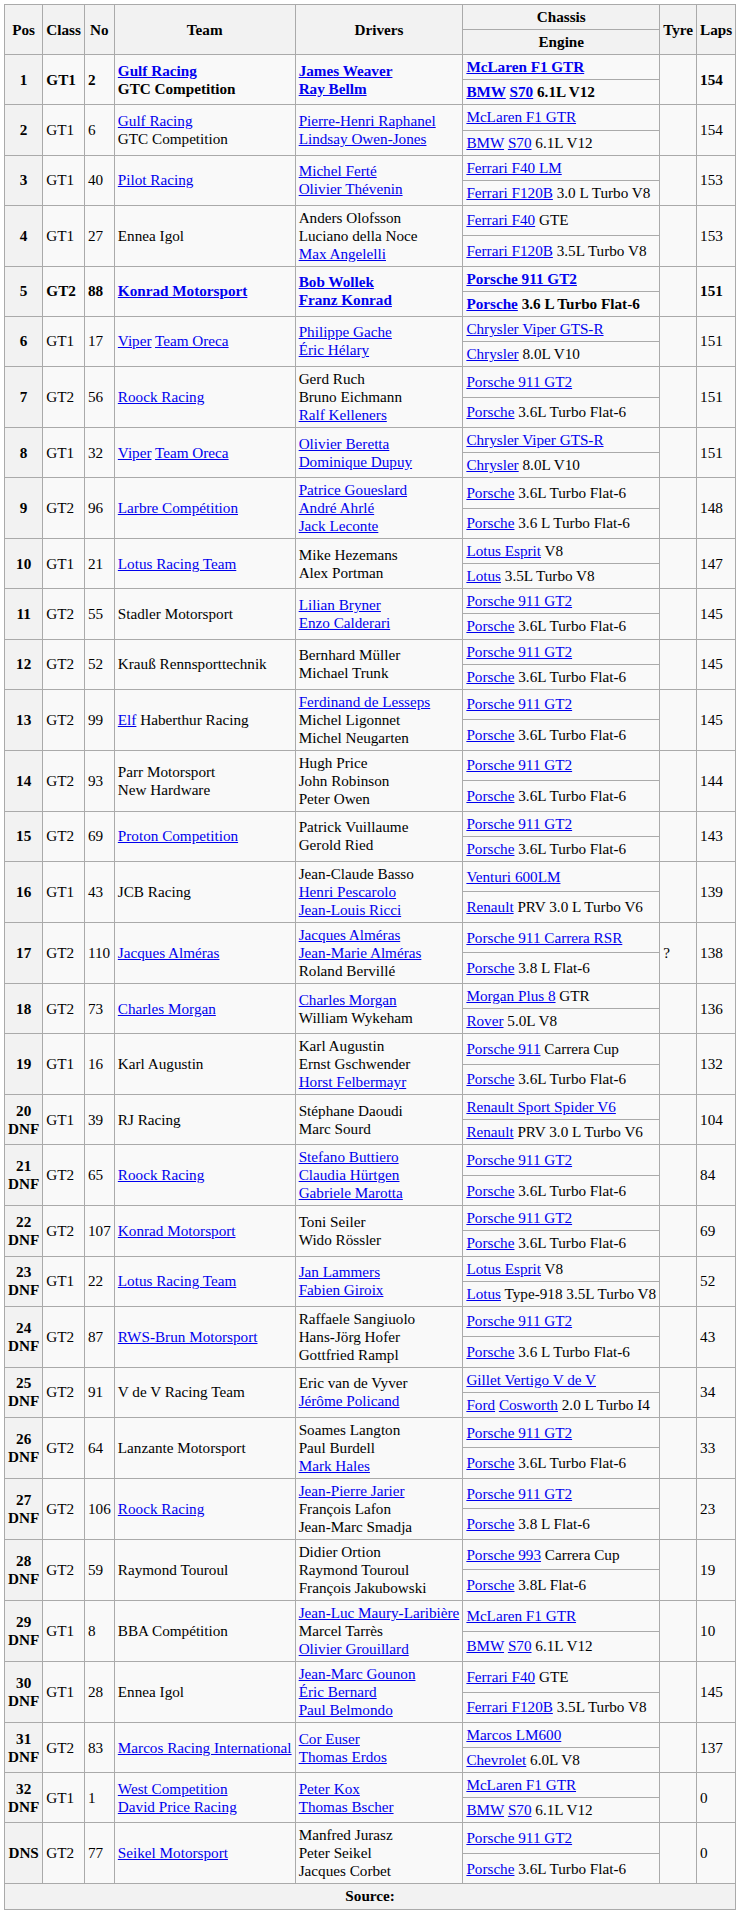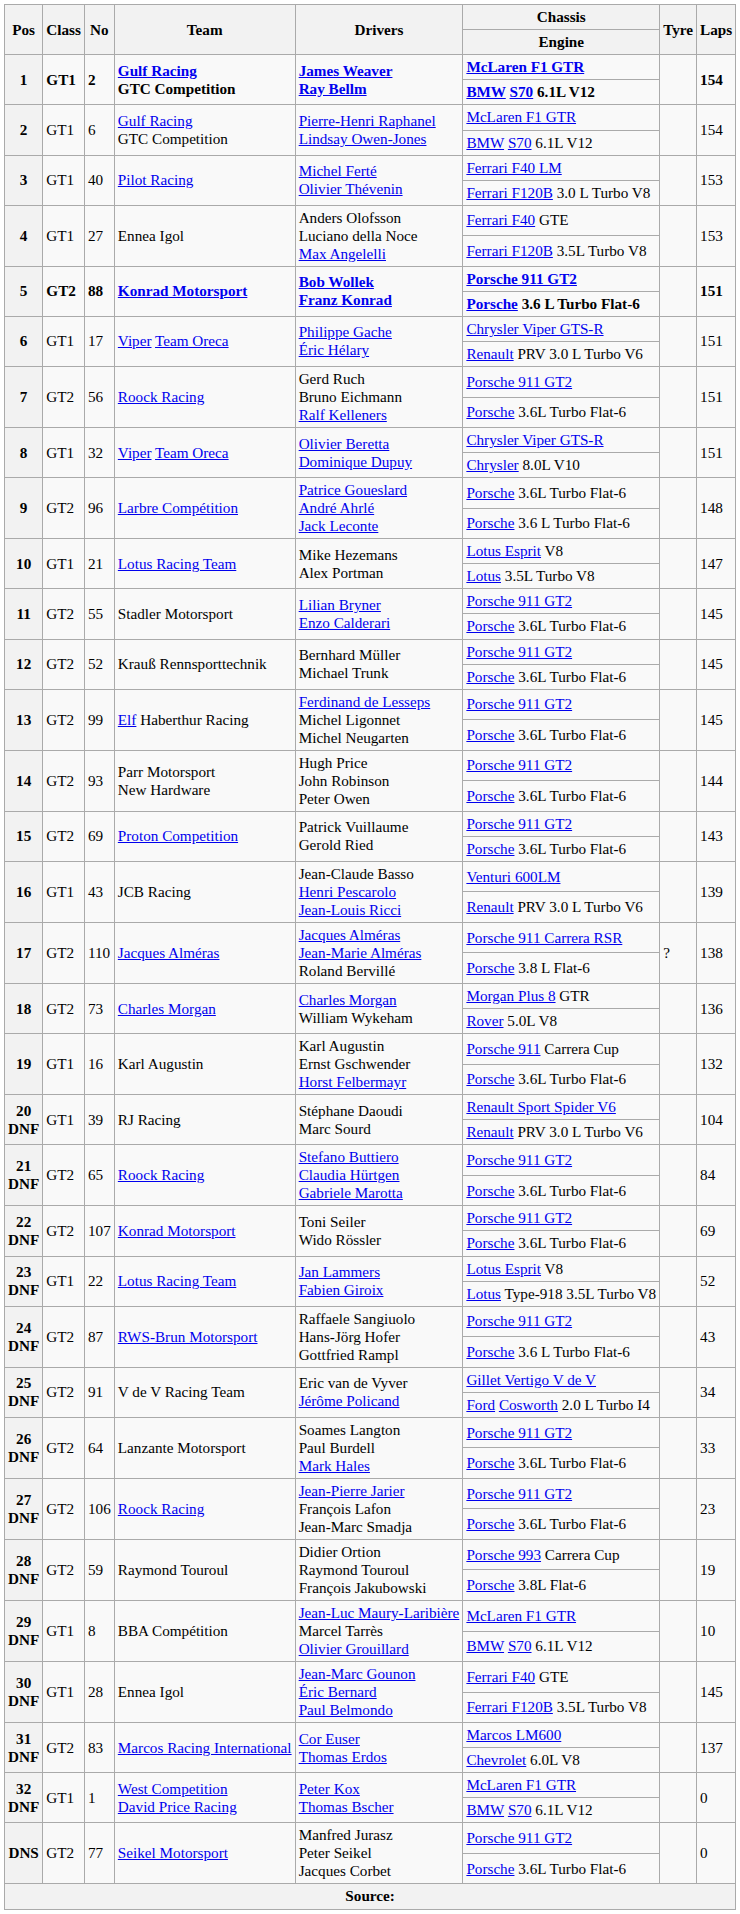 <table class="wikitable" style="font-size: 95%;">
 <tr>
 <th rowspan=2>Pos</th>
 <th rowspan=2>Class</th>
 <th rowspan=2>No</th>
 <th rowspan=2>Team</th>
 <th rowspan=2>Drivers</th>
 <th>Chassis</th>
 <th rowspan=2>Tyre</th>
 <th rowspan=2>Laps</th>
 </tr>
 <tr>
 <th>Engine</th>
 </tr>
 <tr>
 <th rowspan=2>1</th>
 <td rowspan=2><strong>GT1</strong></td>
 <td rowspan=2><strong>2</strong></td>
 <td rowspan=2><strong> <a href='#'>Gulf Racing</a><br> GTC Competition</strong></td>
 <td rowspan=2><strong> <a href='#'>James Weaver</a><br> <a href='#'>Ray Bellm</a></strong></td>
 <td><strong><a href='#'>McLaren F1 GTR</a></strong></td>
 <td rowspan=2></td>
 <td rowspan=2><strong>154</strong></td>
 </tr>
 <tr>
 <td><strong><a href='#'>BMW</a> <a href='#'>S70</a> 6.1L V12</strong></td>
 </tr>
 <tr>
 <th rowspan=2>2</th>
 <td rowspan=2>GT1</td>
 <td rowspan=2>6</td>
 <td rowspan=2> <a href='#'>Gulf Racing</a><br> GTC Competition</td>
 <td rowspan=2> <a href='#'>Pierre-Henri Raphanel</a><br> <a href='#'>Lindsay Owen-Jones</a></td>
 <td><a href='#'>McLaren F1 GTR</a></td>
 <td rowspan=2></td>
 <td rowspan=2>154</td>
 </tr>
 <tr>
 <td><a href='#'>BMW</a> <a href='#'>S70</a> 6.1L V12</td>
 </tr>
 <tr>
 <th rowspan=2>3</th>
 <td rowspan=2>GT1</td>
 <td rowspan=2>40</td>
 <td rowspan=2> <a href='#'>Pilot Racing</a></td>
 <td rowspan=2> <a href='#'>Michel Ferté</a><br> <a href='#'>Olivier Thévenin</a></td>
 <td><a href='#'>Ferrari F40 LM</a></td>
 <td rowspan=2></td>
 <td rowspan=2>153</td>
 </tr>
 <tr>
 <td><a href='#'>Ferrari F120B</a> 3.0 L Turbo V8</td>
 </tr>
 <tr>
 <th rowspan=2>4</th>
 <td rowspan=2>GT1</td>
 <td rowspan=2>27</td>
 <td rowspan=2> Ennea Igol</td>
 <td rowspan=2> Anders Olofsson<br> Luciano della Noce<br> <a href='#'>Max Angelelli</a></td>
 <td><a href='#'>Ferrari F40</a> GTE</td>
 <td rowspan=2></td>
 <td rowspan=2>153</td>
 </tr>
 <tr>
 <td><a href='#'>Ferrari F120B</a> 3.5L Turbo V8</td>
 </tr>
 <tr>
 <th rowspan=2>5</th>
 <td rowspan=2><strong>GT2</strong></td>
 <td rowspan=2><strong>88</strong></td>
 <td rowspan=2><strong> <a href='#'>Konrad Motorsport</a></strong></td>
 <td rowspan=2><strong> <a href='#'>Bob Wollek</a><br> <a href='#'>Franz Konrad</a></strong></td>
 <td><strong><a href='#'>Porsche 911 GT2</a></strong></td>
 <td rowspan=2></td>
 <td rowspan=2><strong>151</strong></td>
 </tr>
 <tr>
 <td><strong><a href='#'>Porsche</a> 3.6 L Turbo Flat-6</strong></td>
 </tr>
 <tr>
 <th rowspan=2>6</th>
 <td rowspan=2>GT1</td>
 <td rowspan=2>17</td>
 <td rowspan=2> <a href='#'>Viper</a> <a href='#'>Team Oreca</a></td>
 <td rowspan=2> <a href='#'>Philippe Gache</a><br> <a href='#'>Éric Hélary</a></td>
 <td><a href='#'>Chrysler Viper GTS-R</a></td>
 <td rowspan=2></td>
 <td rowspan=2>151</td>
 </tr>
 <tr>
-<td><a href='#'>Chrysler</a> 8.0L V10</td>
+<td><a href='#'>Renault</a> PRV 3.0 L Turbo V6</td>
 </tr>
 <tr>
 <th rowspan=2>7</th>
 <td rowspan=2>GT2</td>
 <td rowspan=2>56</td>
 <td rowspan=2> <a href='#'>Roock Racing</a></td>
 <td rowspan=2> Gerd Ruch<br> Bruno Eichmann<br> <a href='#'>Ralf Kelleners</a></td>
 <td><a href='#'>Porsche 911 GT2</a></td>
 <td rowspan=2></td>
 <td rowspan=2>151</td>
 </tr>
 <tr>
 <td><a href='#'>Porsche</a> 3.6L Turbo Flat-6</td>
 </tr>
 <tr>
 <th rowspan=2>8</th>
 <td rowspan=2>GT1</td>
 <td rowspan=2>32</td>
 <td rowspan=2> <a href='#'>Viper</a> <a href='#'>Team Oreca</a></td>
 <td rowspan=2> <a href='#'>Olivier Beretta</a><br> <a href='#'>Dominique Dupuy</a></td>
 <td><a href='#'>Chrysler Viper GTS-R</a></td>
 <td rowspan=2></td>
 <td rowspan=2>151</td>
 </tr>
 <tr>
 <td><a href='#'>Chrysler</a> 8.0L V10</td>
 </tr>
 <tr>
 <th rowspan=2>9</th>
 <td rowspan=2>GT2</td>
 <td rowspan=2>96</td>
 <td rowspan=2> <a href='#'>Larbre Compétition</a></td>
 <td rowspan=2> <a href='#'>Patrice Goueslard</a><br> <a href='#'>André Ahrlé</a><br> <a href='#'>Jack Leconte</a></td>
 <td><a href='#'>Porsche</a> 3.6L Turbo Flat-6</td>
 <td rowspan=2></td>
 <td rowspan=2>148</td>
 </tr>
 <tr>
 <td><a href='#'>Porsche</a> 3.6 L Turbo Flat-6</td>
 </tr>
 <tr>
 <th rowspan=2>10</th>
 <td rowspan=2>GT1</td>
 <td rowspan=2>21</td>
 <td rowspan=2> <a href='#'>Lotus Racing Team</a></td>
 <td rowspan=2> Mike Hezemans<br> Alex Portman</td>
 <td><a href='#'>Lotus Esprit</a> V8</td>
 <td rowspan=2></td>
 <td rowspan=2>147</td>
 </tr>
 <tr>
 <td><a href='#'>Lotus</a> 3.5L Turbo V8</td>
 </tr>
 <tr>
 <th rowspan=2>11</th>
 <td rowspan=2>GT2</td>
 <td rowspan=2>55</td>
 <td rowspan=2> Stadler Motorsport</td>
 <td rowspan=2> <a href='#'>Lilian Bryner</a><br> <a href='#'>Enzo Calderari</a></td>
 <td><a href='#'>Porsche 911 GT2</a></td>
 <td rowspan=2></td>
 <td rowspan=2>145</td>
 </tr>
 <tr>
 <td><a href='#'>Porsche</a> 3.6L Turbo Flat-6</td>
 </tr>
 <tr>
 <th rowspan=2>12</th>
 <td rowspan=2>GT2</td>
 <td rowspan=2>52</td>
 <td rowspan=2> Krauß Rennsporttechnik</td>
 <td rowspan=2> Bernhard Müller<br> Michael Trunk</td>
 <td><a href='#'>Porsche 911 GT2</a></td>
 <td rowspan=2></td>
 <td rowspan=2>145</td>
 </tr>
 <tr>
 <td><a href='#'>Porsche</a> 3.6L Turbo Flat-6</td>
 </tr>
 <tr>
 <th rowspan=2>13</th>
 <td rowspan=2>GT2</td>
 <td rowspan=2>99</td>
 <td rowspan=2> <a href='#'>Elf</a> Haberthur Racing</td>
 <td rowspan=2> <a href='#'>Ferdinand de Lesseps</a><br> Michel Ligonnet<br> Michel Neugarten</td>
 <td><a href='#'>Porsche 911 GT2</a></td>
 <td rowspan=2></td>
 <td rowspan=2>145</td>
 </tr>
 <tr>
 <td><a href='#'>Porsche</a> 3.6L Turbo Flat-6</td>
 </tr>
 <tr>
 <th rowspan=2>14</th>
 <td rowspan=2>GT2</td>
 <td rowspan=2>93</td>
 <td rowspan=2> Parr Motorsport<br> New Hardware</td>
 <td rowspan=2> Hugh Price<br> John Robinson<br> Peter Owen</td>
 <td><a href='#'>Porsche 911 GT2</a></td>
 <td rowspan=2></td>
 <td rowspan=2>144</td>
 </tr>
 <tr>
 <td><a href='#'>Porsche</a> 3.6L Turbo Flat-6</td>
 </tr>
 <tr>
 <th rowspan=2>15</th>
 <td rowspan=2>GT2</td>
 <td rowspan=2>69</td>
 <td rowspan=2> <a href='#'>Proton Competition</a></td>
 <td rowspan=2> Patrick Vuillaume<br> Gerold Ried</td>
 <td><a href='#'>Porsche 911 GT2</a></td>
 <td rowspan=2></td>
 <td rowspan=2>143</td>
 </tr>
 <tr>
 <td><a href='#'>Porsche</a> 3.6L Turbo Flat-6</td>
 </tr>
 <tr>
 <th rowspan=2>16</th>
 <td rowspan=2>GT1</td>
 <td rowspan=2>43</td>
 <td rowspan=2> JCB Racing</td>
 <td rowspan=2> Jean-Claude Basso<br> <a href='#'>Henri Pescarolo</a><br> <a href='#'>Jean-Louis Ricci</a></td>
 <td><a href='#'>Venturi 600LM</a></td>
 <td rowspan=2></td>
 <td rowspan=2>139</td>
 </tr>
 <tr>
 <td><a href='#'>Renault</a> PRV 3.0 L Turbo V6</td>
 </tr>
 <tr>
 <th rowspan=2>17</th>
 <td rowspan=2>GT2</td>
 <td rowspan=2>110</td>
 <td rowspan=2> <a href='#'>Jacques Alméras</a></td>
 <td rowspan=2> <a href='#'>Jacques Alméras</a><br> <a href='#'>Jean-Marie Alméras</a><br> Roland Bervillé</td>
 <td><a href='#'>Porsche 911 Carrera RSR</a></td>
 <td rowspan=2>?</td>
 <td rowspan=2>138</td>
 </tr>
 <tr>
 <td><a href='#'>Porsche</a> 3.8 L Flat-6</td>
 </tr>
 <tr>
 <th rowspan=2>18</th>
 <td rowspan=2>GT2</td>
 <td rowspan=2>73</td>
 <td rowspan=2> <a href='#'>Charles Morgan</a></td>
 <td rowspan=2> <a href='#'>Charles Morgan</a><br> William Wykeham</td>
 <td><a href='#'>Morgan Plus 8</a> GTR</td>
 <td rowspan=2></td>
 <td rowspan=2>136</td>
 </tr>
 <tr>
 <td><a href='#'>Rover</a> 5.0L V8</td>
 </tr>
 <tr>
 <th rowspan=2>19</th>
 <td rowspan=2>GT1</td>
 <td rowspan=2>16</td>
 <td rowspan=2> Karl Augustin</td>
 <td rowspan=2> Karl Augustin<br> Ernst Gschwender<br> <a href='#'>Horst Felbermayr</a></td>
 <td><a href='#'>Porsche 911</a> Carrera Cup</td>
 <td rowspan=2></td>
 <td rowspan=2>132</td>
 </tr>
 <tr>
 <td><a href='#'>Porsche</a> 3.6L Turbo Flat-6</td>
 </tr>
 <tr>
 <th rowspan=2>20<br>DNF</th>
 <td rowspan=2>GT1</td>
 <td rowspan=2>39</td>
 <td rowspan=2> RJ Racing</td>
 <td rowspan=2> Stéphane Daoudi<br> Marc Sourd</td>
 <td><a href='#'>Renault Sport Spider V6</a></td>
 <td rowspan=2></td>
 <td rowspan=2>104</td>
 </tr>
 <tr>
 <td><a href='#'>Renault</a> PRV 3.0 L Turbo V6</td>
 </tr>
 <tr>
 <th rowspan=2>21<br>DNF</th>
 <td rowspan=2>GT2</td>
 <td rowspan=2>65</td>
 <td rowspan=2> <a href='#'>Roock Racing</a></td>
 <td rowspan=2> <a href='#'>Stefano Buttiero</a><br> <a href='#'>Claudia Hürtgen</a><br> <a href='#'>Gabriele Marotta</a></td>
 <td><a href='#'>Porsche 911 GT2</a></td>
 <td rowspan=2></td>
 <td rowspan=2>84</td>
 </tr>
 <tr>
 <td><a href='#'>Porsche</a> 3.6L Turbo Flat-6</td>
 </tr>
 <tr>
 <th rowspan=2>22<br>DNF</th>
 <td rowspan=2>GT2</td>
 <td rowspan=2>107</td>
 <td rowspan=2> <a href='#'>Konrad Motorsport</a></td>
 <td rowspan=2> Toni Seiler<br> Wido Rössler</td>
 <td><a href='#'>Porsche 911 GT2</a></td>
 <td rowspan=2></td>
 <td rowspan=2>69</td>
 </tr>
 <tr>
 <td><a href='#'>Porsche</a> 3.6L Turbo Flat-6</td>
 </tr>
 <tr>
 <th rowspan=2>23<br>DNF</th>
 <td rowspan=2>GT1</td>
 <td rowspan=2>22</td>
 <td rowspan=2> <a href='#'>Lotus Racing Team</a></td>
 <td rowspan=2> <a href='#'>Jan Lammers</a><br> <a href='#'>Fabien Giroix</a></td>
 <td><a href='#'>Lotus Esprit</a> V8</td>
 <td rowspan=2></td>
 <td rowspan=2>52</td>
 </tr>
 <tr>
 <td><a href='#'>Lotus</a> Type-918 3.5L Turbo V8</td>
 </tr>
 <tr>
 <th rowspan=2>24<br>DNF</th>
 <td rowspan=2>GT2</td>
 <td rowspan=2>87</td>
 <td rowspan=2> <a href='#'>RWS-Brun Motorsport</a></td>
 <td rowspan=2> Raffaele Sangiuolo<br> Hans-Jörg Hofer<br> Gottfried Rampl</td>
 <td><a href='#'>Porsche 911 GT2</a></td>
 <td rowspan=2></td>
 <td rowspan=2>43</td>
 </tr>
 <tr>
 <td><a href='#'>Porsche</a> 3.6 L Turbo Flat-6</td>
 </tr>
 <tr>
 <th rowspan=2>25<br>DNF</th>
 <td rowspan=2>GT2</td>
 <td rowspan=2>91</td>
 <td rowspan=2> V de V Racing Team</td>
 <td rowspan=2> Eric van de Vyver<br> <a href='#'>Jérôme Policand</a></td>
 <td><a href='#'>Gillet Vertigo V de V</a></td>
 <td rowspan=2></td>
 <td rowspan=2>34</td>
 </tr>
 <tr>
 <td><a href='#'>Ford</a> <a href='#'>Cosworth</a> 2.0 L Turbo I4</td>
 </tr>
 <tr>
 <th rowspan=2>26<br>DNF</th>
 <td rowspan=2>GT2</td>
 <td rowspan=2>64</td>
 <td rowspan=2> Lanzante Motorsport</td>
 <td rowspan=2> Soames Langton<br> Paul Burdell<br> <a href='#'>Mark Hales</a></td>
 <td><a href='#'>Porsche 911 GT2</a></td>
 <td rowspan=2></td>
 <td rowspan=2>33</td>
 </tr>
 <tr>
 <td><a href='#'>Porsche</a> 3.6L Turbo Flat-6</td>
 </tr>
 <tr>
 <th rowspan=2>27<br>DNF</th>
 <td rowspan=2>GT2</td>
 <td rowspan=2>106</td>
 <td rowspan=2> <a href='#'>Roock Racing</a></td>
 <td rowspan=2> <a href='#'>Jean-Pierre Jarier</a><br> François Lafon<br> Jean-Marc Smadja</td>
 <td><a href='#'>Porsche 911 GT2</a></td>
 <td rowspan=2></td>
 <td rowspan=2>23</td>
 </tr>
 <tr>
-<td><a href='#'>Porsche</a> 3.8 L Flat-6</td>
+<td><a href='#'>Porsche</a> 3.6L Turbo Flat-6</td>
 </tr>
 <tr>
 <th rowspan=2>28<br>DNF</th>
 <td rowspan=2>GT2</td>
 <td rowspan=2>59</td>
 <td rowspan=2> Raymond Touroul</td>
 <td rowspan=2> Didier Ortion<br> Raymond Touroul<br> François Jakubowski</td>
 <td><a href='#'>Porsche 993</a> Carrera Cup</td>
 <td rowspan=2></td>
 <td rowspan=2>19</td>
 </tr>
 <tr>
 <td><a href='#'>Porsche</a> 3.8L Flat-6</td>
 </tr>
 <tr>
 <th rowspan=2>29<br>DNF</th>
 <td rowspan=2>GT1</td>
 <td rowspan=2>8</td>
 <td rowspan=2> BBA Compétition</td>
 <td rowspan=2> <a href='#'>Jean-Luc Maury-Laribière</a><br> Marcel Tarrès<br> <a href='#'>Olivier Grouillard</a></td>
 <td><a href='#'>McLaren F1 GTR</a></td>
 <td rowspan=2></td>
 <td rowspan=2>10</td>
 </tr>
 <tr>
 <td><a href='#'>BMW</a> <a href='#'>S70</a> 6.1L V12</td>
 </tr>
 <tr>
 <th rowspan=2>30<br>DNF</th>
 <td rowspan=2>GT1</td>
 <td rowspan=2>28</td>
 <td rowspan=2> Ennea Igol</td>
 <td rowspan=2> <a href='#'>Jean-Marc Gounon</a><br> <a href='#'>Éric Bernard</a><br> <a href='#'>Paul Belmondo</a></td>
 <td><a href='#'>Ferrari F40</a> GTE</td>
 <td rowspan=2></td>
 <td rowspan=2>145</td>
 </tr>
 <tr>
 <td><a href='#'>Ferrari F120B</a> 3.5L Turbo V8</td>
 </tr>
 <tr>
 <th rowspan=2>31<br>DNF</th>
 <td rowspan=2>GT2</td>
 <td rowspan=2>83</td>
 <td rowspan=2> <a href='#'>Marcos Racing International</a></td>
 <td rowspan=2> <a href='#'>Cor Euser</a><br> <a href='#'>Thomas Erdos</a></td>
 <td><a href='#'>Marcos LM600</a></td>
 <td rowspan=2></td>
 <td rowspan=2>137</td>
 </tr>
 <tr>
 <td><a href='#'>Chevrolet</a> 6.0L V8</td>
 </tr>
 <tr>
 <th rowspan="2">32<br>DNF</th>
 <td rowspan="2">GT1</td>
 <td rowspan="2">1</td>
 <td rowspan="2"> <a href='#'>West Competition</a><br> <a href='#'>David Price Racing</a></td>
 <td rowspan="2"> <a href='#'>Peter Kox</a><br> <a href='#'>Thomas Bscher</a></td>
 <td><a href='#'>McLaren F1 GTR</a></td>
 <td rowspan="2"></td>
 <td rowspan="2">0</td>
 </tr>
 <tr>
 <td><a href='#'>BMW</a> <a href='#'>S70</a> 6.1L V12</td>
 </tr>
 <tr>
 <th rowspan=2>DNS</th>
 <td rowspan=2>GT2</td>
 <td rowspan=2>77</td>
 <td rowspan=2> <a href='#'>Seikel Motorsport</a></td>
 <td rowspan=2> Manfred Jurasz<br> Peter Seikel<br> Jacques Corbet</td>
 <td><a href='#'>Porsche 911 GT2</a></td>
 <td rowspan=2></td>
 <td rowspan=2>0</td>
 </tr>
 <tr>
 <td><a href='#'>Porsche</a> 3.6L Turbo Flat-6</td>
 </tr>
 <tr>
 <th colspan="8">Source:</th>
 </tr>
 <tr>
 </tr>
 </table>
